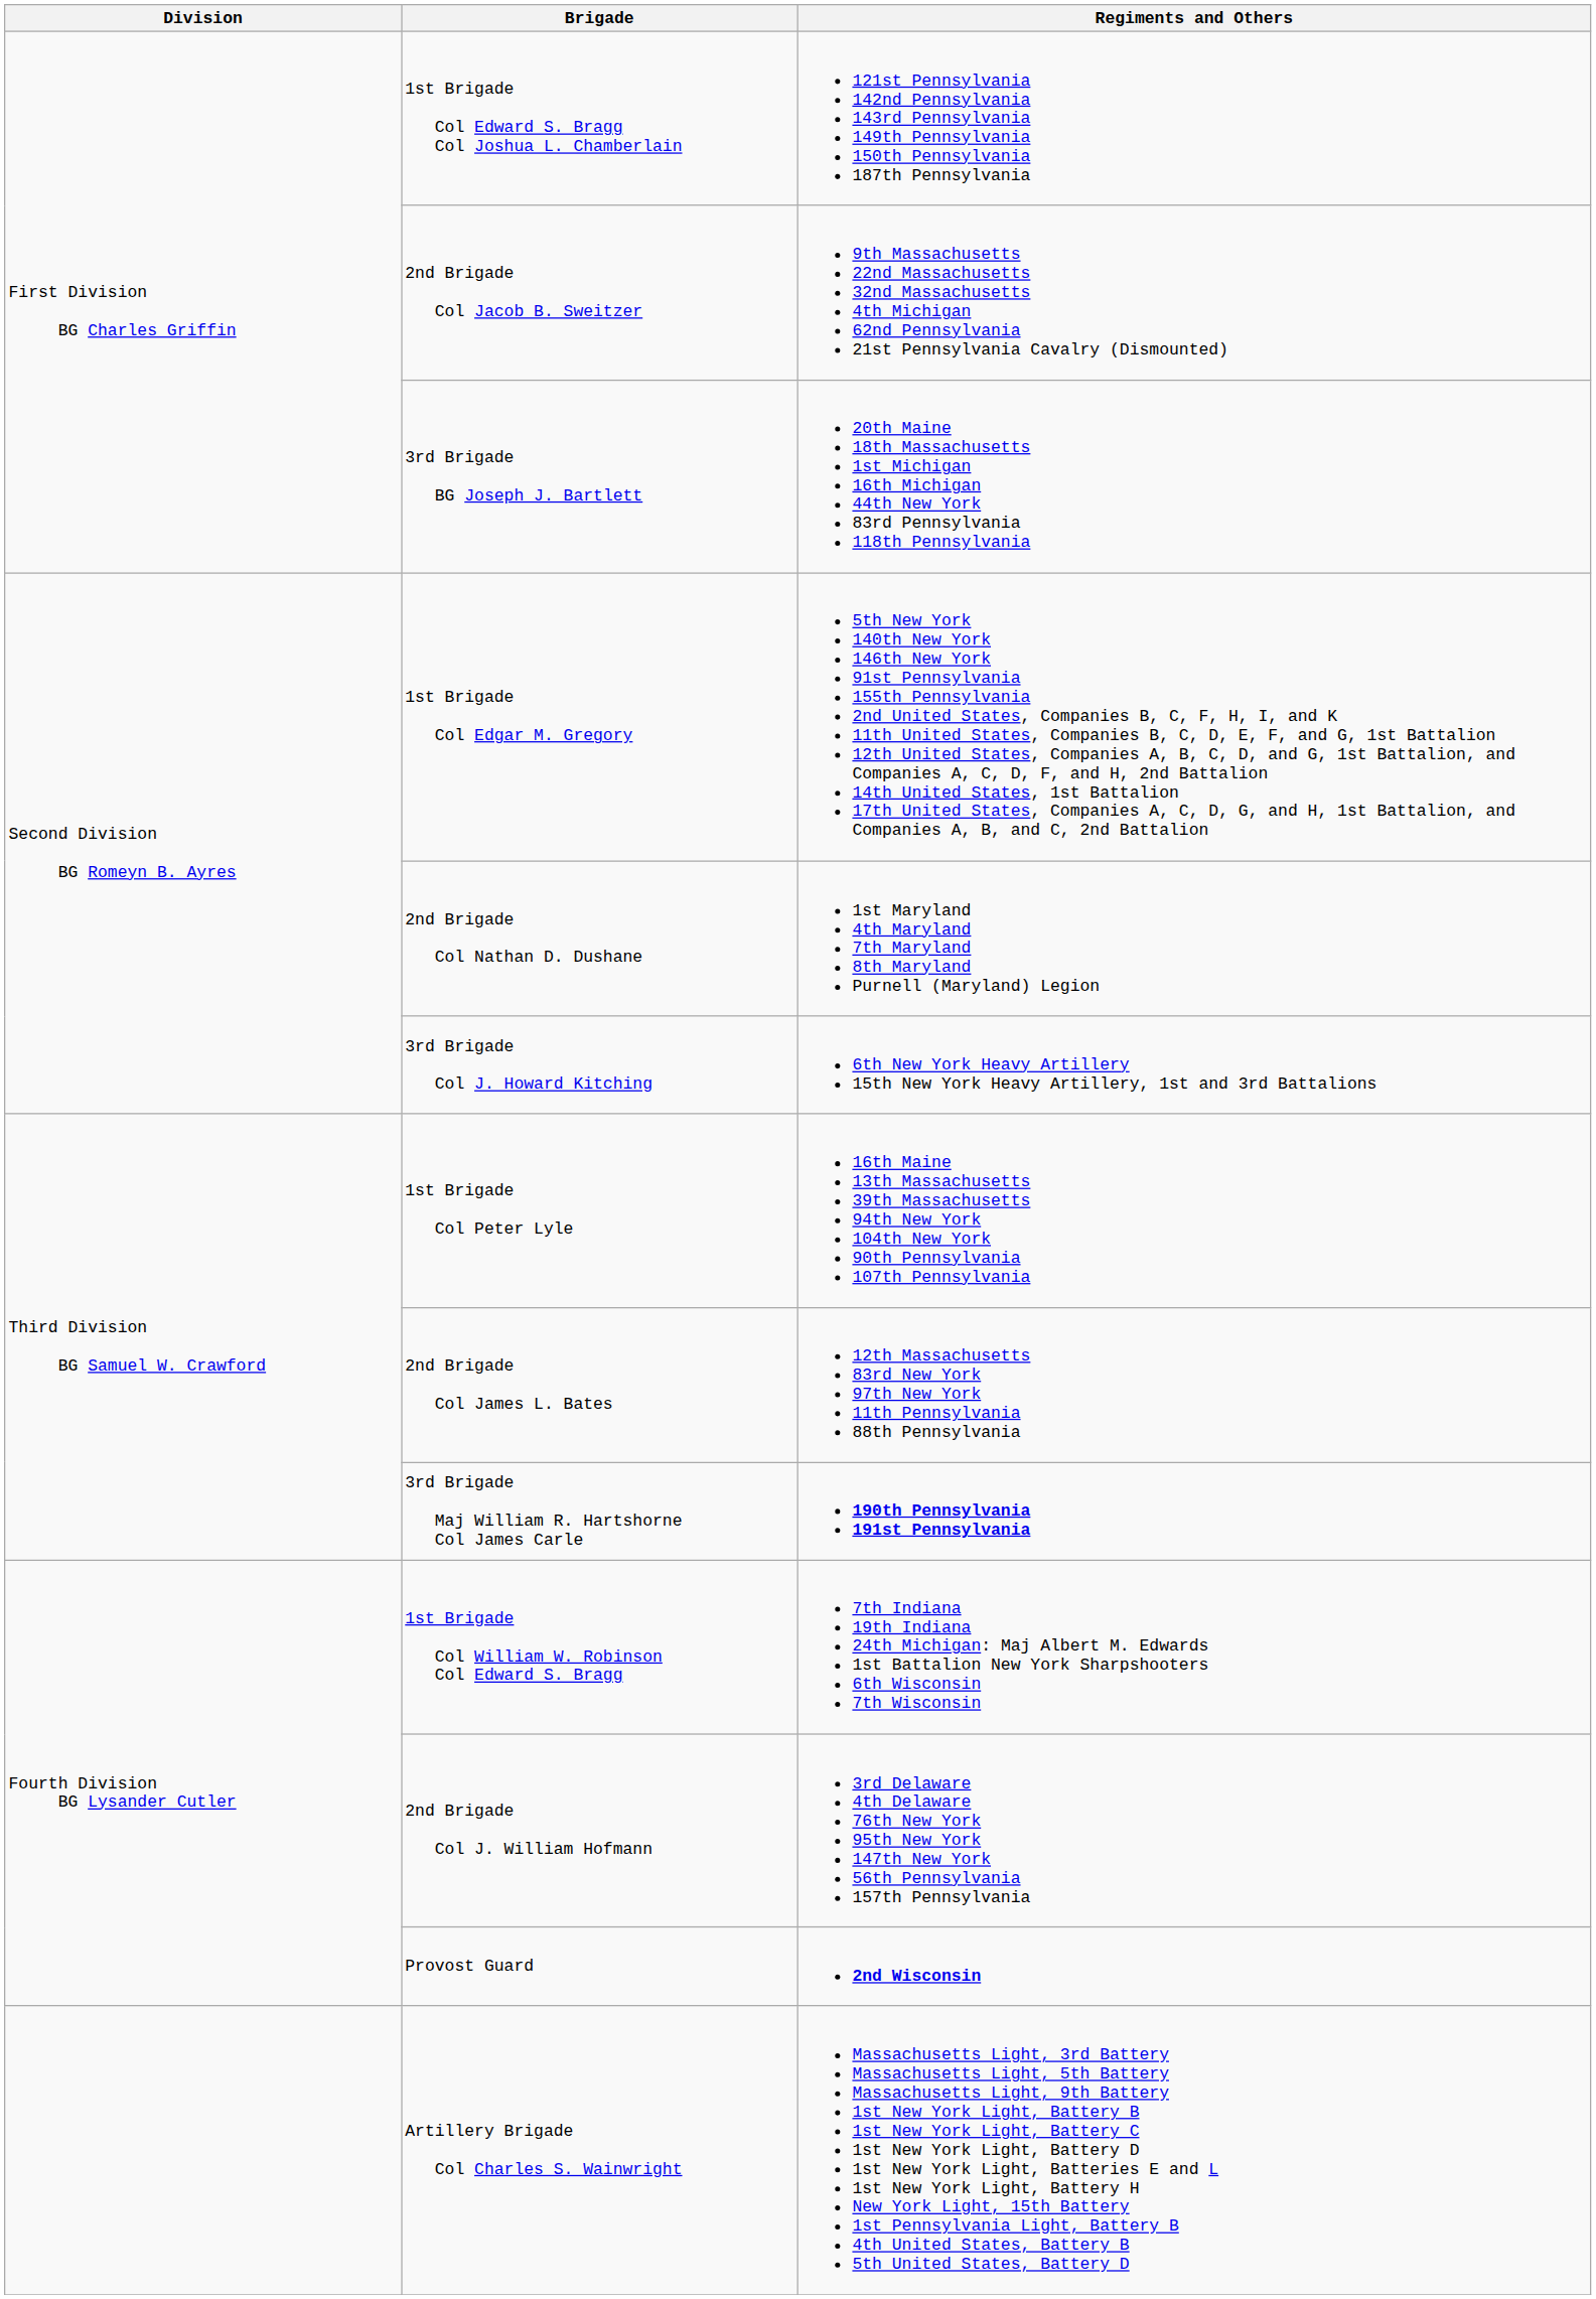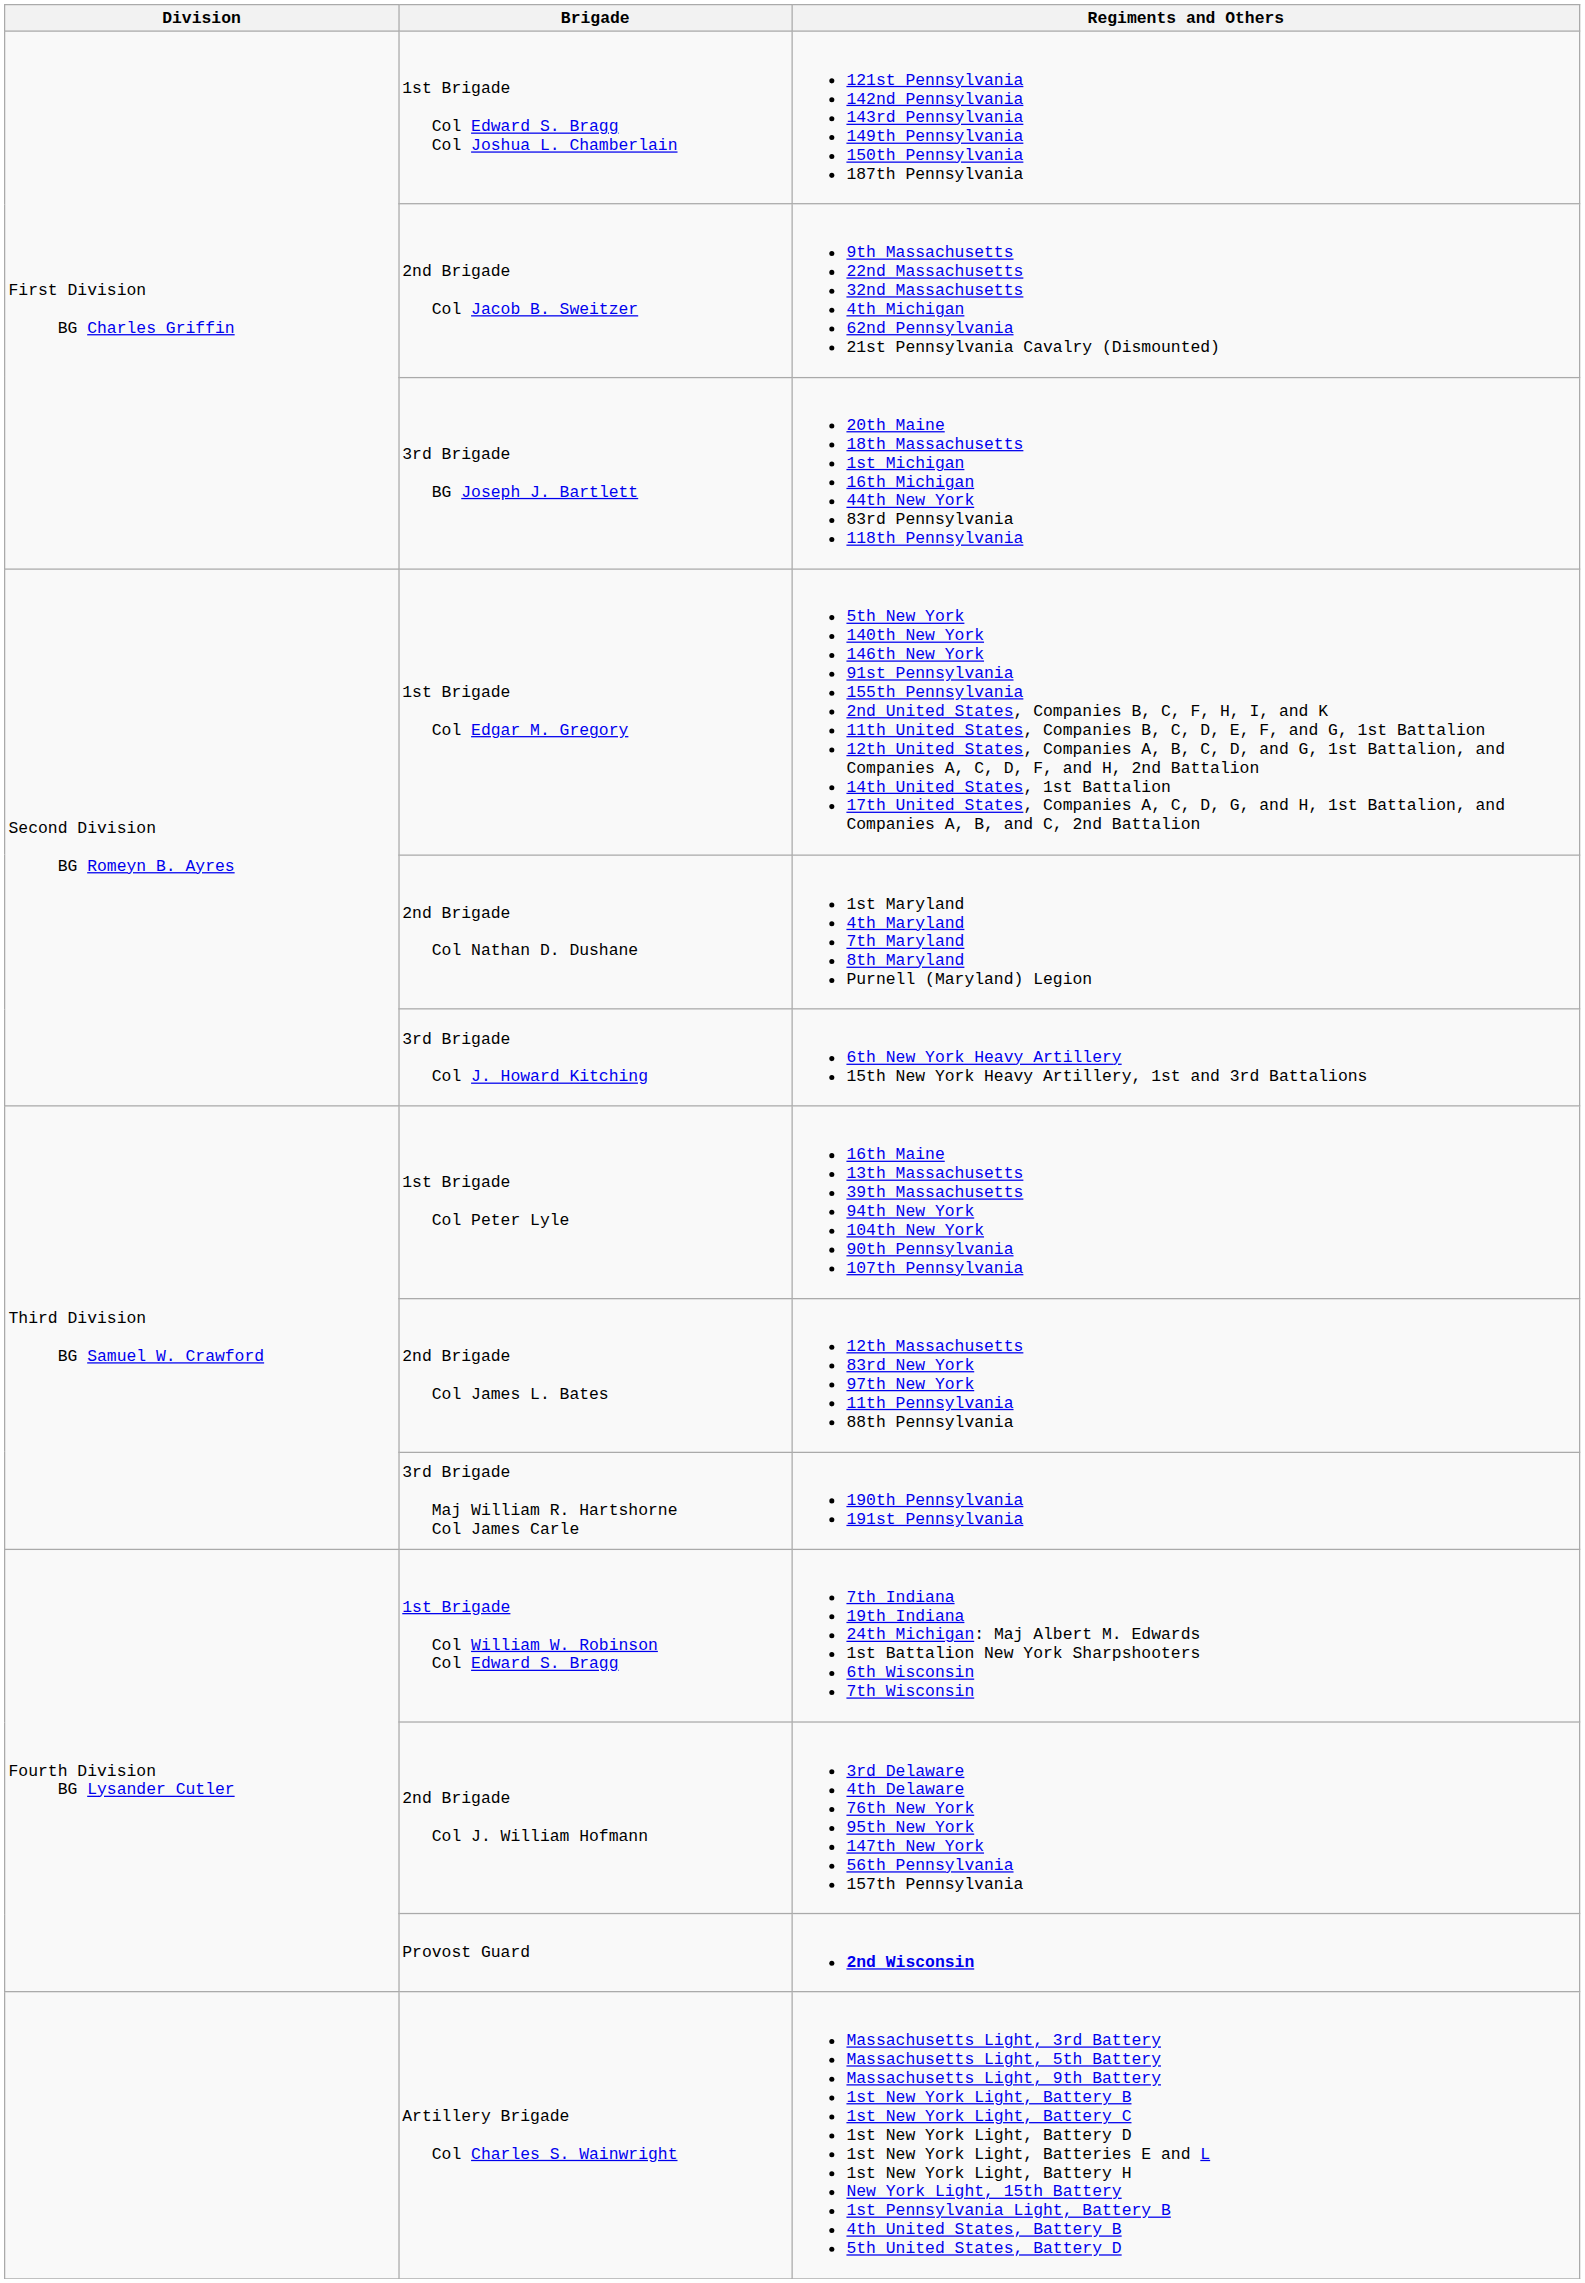 <table class="wikitable">
 <tr>
 <th width=25%>Division</th>
 <th width=25%>Brigade</th>
 <th>Regiments and Others</th>
 </tr>
 <tr>
 <td rowspan=3><br>First Division<br> <br>     BG <a href='#'>Charles Griffin</a></td>
 <td>1st Brigade<br><br>   Col <a href='#'>Edward S. Bragg</a> <br>   Col <a href='#'>Joshua L. Chamberlain</a></td>
 <td><br><ul><li><a href='#'>121st Pennsylvania</a></li><li><a href='#'>142nd Pennsylvania</a></li><li><a href='#'>143rd Pennsylvania</a></li><li><a href='#'>149th Pennsylvania</a></li><li><a href='#'>150th Pennsylvania</a></li><li>187th Pennsylvania</li></ul></td>
 </tr>
 <tr>
 <td>2nd Brigade<br><br>   Col <a href='#'>Jacob B. Sweitzer</a></td>
 <td><br><ul><li><a href='#'>9th Massachusetts</a></li><li><a href='#'>22nd Massachusetts</a></li><li><a href='#'>32nd Massachusetts</a></li><li><a href='#'>4th Michigan</a></li><li><a href='#'>62nd Pennsylvania</a></li><li>21st Pennsylvania Cavalry (Dismounted)</li></ul></td>
 </tr>
 <tr>
 <td>3rd Brigade<br><br>   BG <a href='#'>Joseph J. Bartlett</a></td>
 <td><br><ul><li><a href='#'>20th Maine</a></li><li><a href='#'>18th Massachusetts</a></li><li><a href='#'>1st Michigan</a></li><li><a href='#'>16th Michigan</a></li><li><a href='#'>44th New York</a></li><li>83rd Pennsylvania</li><li><a href='#'>118th Pennsylvania</a></li></ul></td>
 </tr>
 <tr>
 <td rowspan= 3><br>Second Division<br> <br>     BG <a href='#'>Romeyn B. Ayres</a></td>
 <td>1st Brigade<br><br>   Col <a href='#'>Edgar M. Gregory</a></td>
 <td><br><ul><li><a href='#'>5th New York</a></li><li><a href='#'>140th New York</a></li><li><a href='#'>146th New York</a></li><li><a href='#'>91st Pennsylvania</a></li><li><a href='#'>155th Pennsylvania</a></li><li><a href='#'>2nd United States</a>, Companies B, C, F, H, I, and K</li><li><a href='#'>11th United States</a>, Companies B, C, D, E, F, and G, 1st Battalion</li><li><a href='#'>12th United States</a>, Companies A, B, C, D, and G, 1st Battalion, and Companies A, C, D, F, and H, 2nd Battalion</li><li><a href='#'>14th United States</a>, 1st Battalion</li><li><a href='#'>17th United States</a>, Companies A, C, D, G, and H, 1st Battalion, and Companies A, B, and C, 2nd Battalion</li></ul></td>
 </tr>
 <tr>
 <td>2nd Brigade<br><br>   Col Nathan D. Dushane</td>
 <td><br><ul><li>1st Maryland</li><li><a href='#'>4th Maryland</a></li><li><a href='#'>7th Maryland</a></li><li><a href='#'>8th Maryland</a></li><li>Purnell (Maryland) Legion</li></ul></td>
 </tr>
 <tr>
 <td>3rd Brigade<br><br>   Col <a href='#'>J. Howard Kitching</a></td>
 <td><br><ul><li><a href='#'>6th New York Heavy Artillery</a></li><li>15th New York Heavy Artillery, 1st and 3rd Battalions</li></ul></td>
 </tr>
 <tr>
 <td rowspan=3><br>Third Division<br> <br>     BG <a href='#'>Samuel W. Crawford</a></td>
 <td>1st Brigade<br><br>   Col Peter Lyle</td>
 <td><br><ul><li><a href='#'>16th Maine</a></li><li><a href='#'>13th Massachusetts</a></li><li><a href='#'>39th Massachusetts</a></li><li><a href='#'>94th New York</a></li><li><a href='#'>104th New York</a></li><li><a href='#'>90th Pennsylvania</a></li><li><a href='#'>107th Pennsylvania</a></li></ul></td>
 </tr>
 <tr>
 <td>2nd Brigade<br><br>   Col James L. Bates</td>
 <td><br><ul><li><a href='#'>12th Massachusetts</a></li><li><a href='#'>83rd New York</a></li><li><a href='#'>97th New York</a></li><li><a href='#'>11th Pennsylvania</a></li><li>88th Pennsylvania</li></ul></td>
 </tr>
 <tr>
 <td>3rd Brigade<br><br>   Maj William R. Hartshorne <br>   Col James Carle</td>
-<td><strong><br><ul><li><a href='#'>190th Pennsylvania</a></li><li><a href='#'>191st Pennsylvania</a></li></ul></strong></td>
+<td><br><ul><li><a href='#'>190th Pennsylvania</a></li><li><a href='#'>191st Pennsylvania</a></li></ul></td>
 </tr>
 <tr>
 <td rowspan=3><br>Fourth Division <br>     BG <a href='#'>Lysander Cutler</a></td>
 <td><a href='#'>1st Brigade</a><br><br>   Col <a href='#'>William W. Robinson</a> <br>   Col <a href='#'>Edward S. Bragg</a></td>
 <td><br><ul><li><a href='#'>7th Indiana</a></li><li><a href='#'>19th Indiana</a></li><li><a href='#'>24th Michigan</a>: Maj Albert M. Edwards</li><li>1st Battalion New York Sharpshooters</li><li><a href='#'>6th Wisconsin</a></li><li><a href='#'>7th Wisconsin</a></li></ul></td>
 </tr>
 <tr>
 <td>2nd Brigade<br><br>   Col J. William Hofmann</td>
 <td><br><ul><li><a href='#'>3rd Delaware</a></li><li><a href='#'>4th Delaware</a></li><li><a href='#'>76th New York</a></li><li><a href='#'>95th New York</a></li><li><a href='#'>147th New York</a></li><li><a href='#'>56th Pennsylvania</a></li><li>157th Pennsylvania</li></ul></td>
 </tr>
 <tr>
 <td>Provost Guard</td>
 <td><strong><br><ul><li><a href='#'>2nd Wisconsin</a></li></ul></strong></td>
 </tr>
 <tr>
 <td></td>
 <td>Artillery Brigade<br><br>   Col <a href='#'>Charles S. Wainwright</a></td>
 <td><br><ul><li><a href='#'>Massachusetts Light, 3rd Battery</a></li><li><a href='#'>Massachusetts Light, 5th Battery</a></li><li><a href='#'>Massachusetts Light, 9th Battery</a></li><li><a href='#'>1st New York Light, Battery B</a></li><li><a href='#'>1st New York Light, Battery C</a></li><li>1st New York Light, Battery D</li><li>1st New York Light, Batteries E and <a href='#'>L</a></li><li>1st New York Light, Battery H</li><li><a href='#'>New York Light, 15th Battery</a></li><li><a href='#'>1st Pennsylvania Light, Battery B</a></li><li><a href='#'>4th United States, Battery B</a></li><li><a href='#'>5th United States, Battery D</a></li></ul></td>
 </tr>
 </table>
